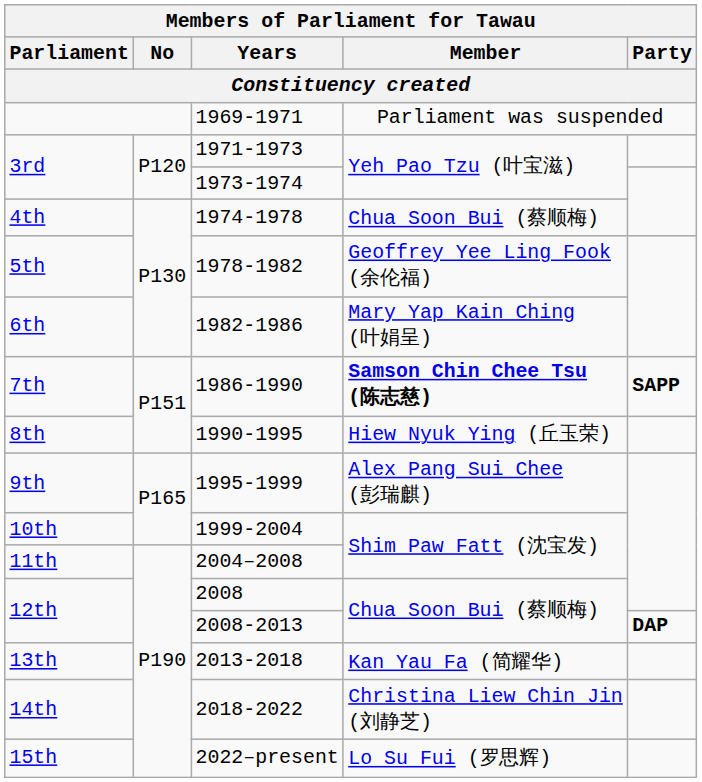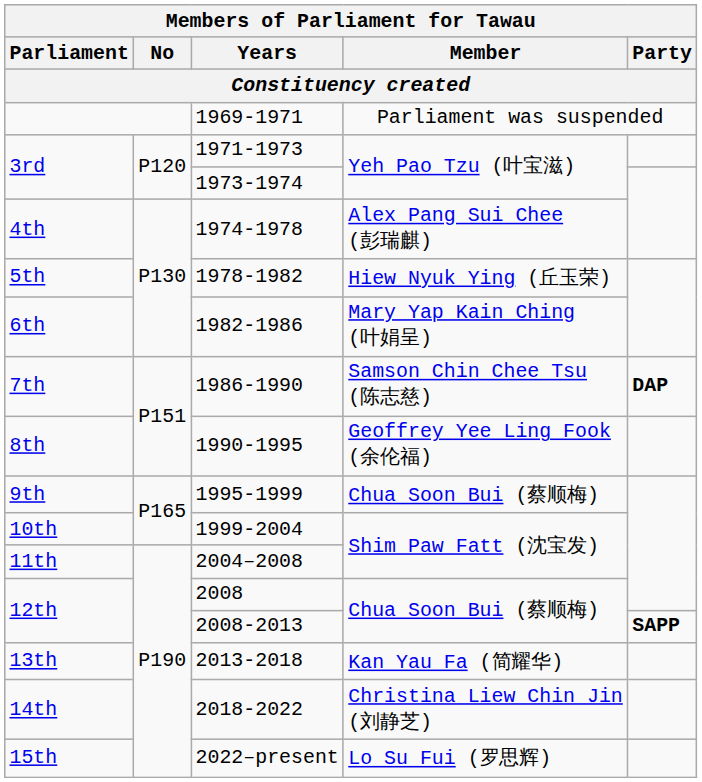 <table class=wikitable>
 <tr>
 <th colspan="5">Members of Parliament for Tawau</th>
 </tr>
 <tr>
 <th>Parliament</th>
 <th>No</th>
 <th>Years</th>
 <th>Member</th>
 <th>Party</th>
 </tr>
 <tr>
 <th colspan="5" align="center"><em>Constituency created</em></th>
 </tr>
 <tr>
 <td colspan="2"></td>
 <td>1969-1971</td>
 <td colspan=2 align=center>Parliament was suspended</td>
 </tr>
 <tr>
 <td rowspan=2><a href='#'>3rd</a></td>
 <td rowspan="2">P120</td>
 <td>1971-1973</td>
 <td rowspan=2><a href='#'>Yeh Pao Tzu</a> (叶宝滋)</td>
 <td></td>
 </tr>
 <tr>
 <td>1973-1974</td>
 <td rowspan="2"></td>
 </tr>
 <tr>
 <td><a href='#'>4th</a></td>
 <td rowspan="3">P130</td>
 <td>1974-1978</td>
-<td><a href='#'>Chua Soon Bui</a> (蔡顺梅)</td>
+<td><a href='#'>Alex Pang Sui Chee</a> <br> (彭瑞麒)</td>
 </tr>
 <tr>
 <td><a href='#'>5th</a></td>
 <td>1978-1982</td>
-<td><a href='#'>Geoffrey Yee Ling Fook</a> <br> (余伦福)</td>
+<td><a href='#'>Hiew Nyuk Ying</a> (丘玉荣)</td>
 <td rowspan="2"></td>
 </tr>
 <tr>
 <td><a href='#'>6th</a></td>
 <td>1982-1986</td>
 <td><a href='#'>Mary Yap Kain Ching</a> <br> (叶娟呈)</td>
 </tr>
 <tr>
 <td><a href='#'>7th</a></td>
 <td rowspan="2">P151</td>
 <td>1986-1990</td>
-<td><strong><a href='#'>Samson Chin Chee Tsu</a> <br> (陈志慈)</strong></td>
-<td><strong>SAPP</strong></td>
+<td><a href='#'>Samson Chin Chee Tsu</a> <br> (陈志慈)</td>
+<td><strong>DAP</strong></td>
 </tr>
 <tr>
 <td><a href='#'>8th</a></td>
 <td>1990-1995</td>
-<td><a href='#'>Hiew Nyuk Ying</a> (丘玉荣)</td>
+<td><a href='#'>Geoffrey Yee Ling Fook</a> <br> (余伦福)</td>
 <td bgcolor=></td>
 </tr>
 <tr>
 <td><a href='#'>9th</a></td>
 <td rowspan="2">P165</td>
 <td>1995-1999</td>
-<td><a href='#'>Alex Pang Sui Chee</a> <br> (彭瑞麒)</td>
+<td><a href='#'>Chua Soon Bui</a> (蔡顺梅)</td>
 <td rowspan="4"></td>
 </tr>
 <tr>
 <td><a href='#'>10th</a></td>
 <td>1999-2004</td>
 <td rowspan=2><a href='#'>Shim Paw Fatt</a>   (沈宝发)</td>
 </tr>
 <tr>
 <td><a href='#'>11th</a></td>
 <td rowspan="6">P190</td>
 <td>2004–2008</td>
 </tr>
 <tr>
 <td rowspan=2><a href='#'>12th</a></td>
 <td>2008</td>
 <td rowspan=2><a href='#'>Chua Soon Bui</a> (蔡顺梅)</td>
 </tr>
 <tr>
 <td>2008-2013</td>
-<td><strong>DAP</strong></td>
+<td><strong>SAPP</strong></td>
 </tr>
 <tr>
 <td><a href='#'>13th</a></td>
 <td>2013-2018</td>
 <td><a href='#'>Kan Yau Fa</a> (简耀华)</td>
 <td></td>
 </tr>
 <tr>
 <td><a href='#'>14th</a></td>
 <td>2018-2022</td>
 <td><a href='#'>Christina Liew Chin Jin</a> <br> (刘静芝)</td>
 <td></td>
 </tr>
 <tr>
 <td><a href='#'>15th</a></td>
 <td>2022–present</td>
 <td><a href='#'>Lo Su Fui</a> (罗思辉)</td>
 <td></td>
 </tr>
 </table>
